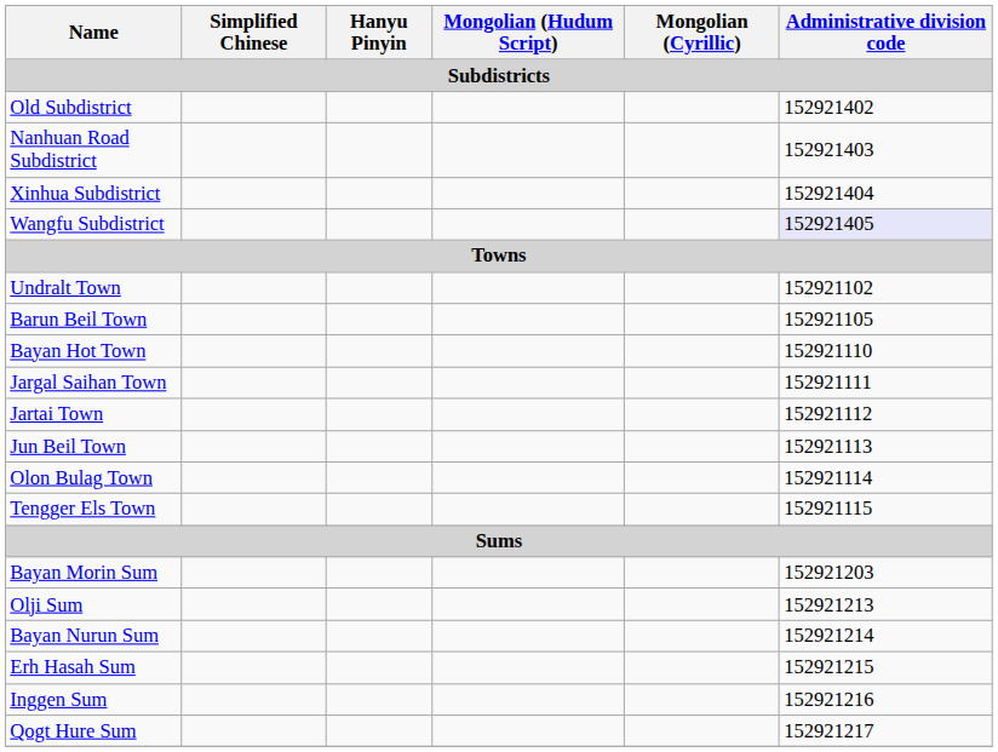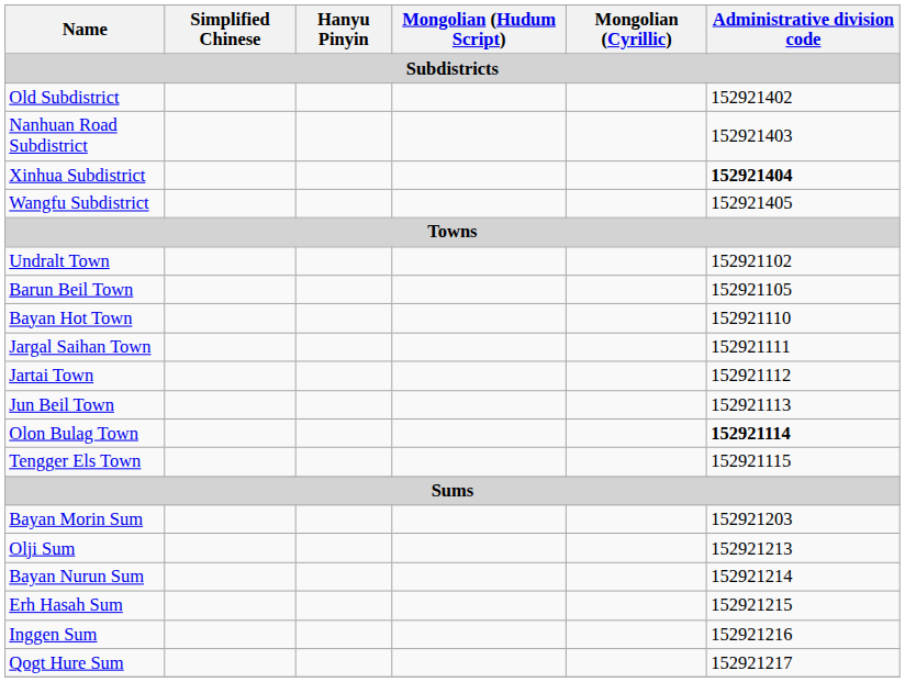 <table class="wikitable" align="center" style="width:50%; border="1">
 <tr>
 <th>Name</th>
 <th>Simplified Chinese</th>
 <th>Hanyu Pinyin</th>
 <th><a href='#'>Mongolian</a> (<a href='#'>Hudum Script</a>)</th>
 <th>Mongolian (<a href='#'>Cyrillic</a>)</th>
 <th><a href='#'>Administrative division code</a></th>
 </tr>
 <tr>
 <td colspan="6"  style="text-align:center; background:#d3d3d3;"><strong>Subdistricts</strong></td>
 </tr>
 <tr --------->
 <td><a href='#'>Old Subdistrict</a></td>
 <td></td>
 <td></td>
 <td></td>
 <td></td>
 <td>152921402</td>
 </tr>
 <tr>
 <td><a href='#'>Nanhuan Road Subdistrict</a></td>
 <td></td>
 <td></td>
 <td></td>
 <td></td>
 <td>152921403</td>
 </tr>
 <tr>
 <td><a href='#'>Xinhua Subdistrict</a></td>
 <td></td>
 <td></td>
 <td></td>
 <td></td>
-<td>152921404</td>
+<td><strong>152921404</strong></td>
 </tr>
 <tr>
 <td><a href='#'>Wangfu Subdistrict</a></td>
 <td></td>
 <td></td>
 <td></td>
 <td></td>
-<td style="background: lavender;">152921405</td>
+<td>152921405</td>
 </tr>
 <tr>
 <td colspan="6"  style="text-align:center; background:#d3d3d3;"><strong>Towns</strong></td>
 </tr>
 <tr --------->
 <td><a href='#'>Undralt Town</a></td>
 <td></td>
 <td></td>
 <td></td>
 <td></td>
 <td>152921102</td>
 </tr>
 <tr>
 <td><a href='#'>Barun Beil Town</a></td>
 <td></td>
 <td></td>
 <td></td>
 <td></td>
 <td>152921105</td>
 </tr>
 <tr>
 <td><a href='#'>Bayan Hot Town</a></td>
 <td></td>
 <td></td>
 <td></td>
 <td></td>
 <td>152921110</td>
 </tr>
 <tr>
 <td><a href='#'>Jargal Saihan Town</a></td>
 <td></td>
 <td></td>
 <td></td>
 <td></td>
 <td>152921111</td>
 </tr>
 <tr>
 <td><a href='#'>Jartai Town</a></td>
 <td></td>
 <td></td>
 <td></td>
 <td></td>
 <td>152921112</td>
 </tr>
 <tr>
 <td><a href='#'>Jun Beil Town</a></td>
 <td></td>
 <td></td>
 <td></td>
 <td></td>
 <td>152921113</td>
 </tr>
 <tr>
 <td><a href='#'>Olon Bulag Town</a></td>
 <td></td>
 <td></td>
 <td></td>
 <td></td>
-<td>152921114</td>
+<td><strong>152921114</strong></td>
 </tr>
 <tr>
 <td><a href='#'>Tengger Els Town</a></td>
 <td></td>
 <td></td>
 <td></td>
 <td></td>
 <td>152921115</td>
 </tr>
 <tr>
 <td colspan="6"  style="text-align:center; background:#d3d3d3;"><strong>Sums</strong></td>
 </tr>
 <tr --------->
 <td><a href='#'>Bayan Morin Sum</a></td>
 <td></td>
 <td></td>
 <td></td>
 <td></td>
 <td>152921203</td>
 </tr>
 <tr>
 <td><a href='#'>Olji Sum</a></td>
 <td></td>
 <td></td>
 <td></td>
 <td></td>
 <td>152921213</td>
 </tr>
 <tr>
 <td><a href='#'>Bayan Nurun Sum</a></td>
 <td></td>
 <td></td>
 <td></td>
 <td></td>
 <td>152921214</td>
 </tr>
 <tr>
 <td><a href='#'>Erh Hasah Sum</a></td>
 <td></td>
 <td></td>
 <td></td>
 <td></td>
 <td>152921215</td>
 </tr>
 <tr>
 <td><a href='#'>Inggen Sum</a></td>
 <td></td>
 <td></td>
 <td></td>
 <td></td>
 <td>152921216</td>
 </tr>
 <tr>
 <td><a href='#'>Qogt Hure Sum</a></td>
 <td></td>
 <td></td>
 <td></td>
 <td></td>
 <td>152921217</td>
 </tr>
 <tr>
 </tr>
 </table>
